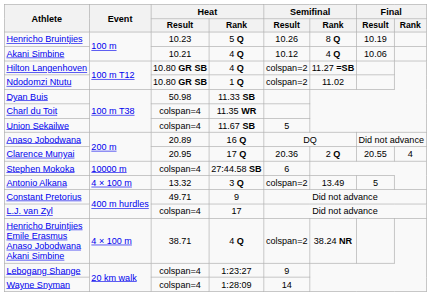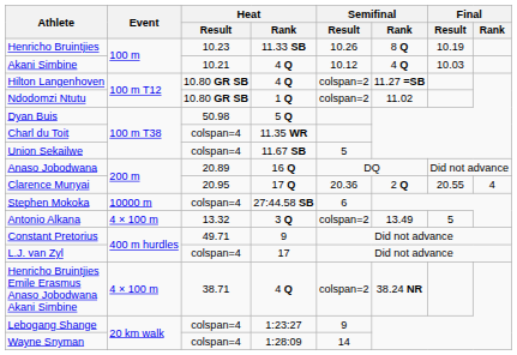 <table class="wikitable" style="font-size:90%">
 <tr>
 <th rowspan=2>Athlete</th>
 <th rowspan=2>Event</th>
 <th colspan=2>Heat</th>
 <th colspan=2>Semifinal</th>
 <th colspan=2>Final</th>
 </tr>
 <tr style="font-size:95%">
 <th>Result</th>
 <th>Rank</th>
 <th>Result</th>
 <th>Rank</th>
 <th>Result</th>
 <th>Rank</th>
 </tr>
 <tr align=center>
 <td align=left><a href='#'>Henricho Bruintjies</a></td>
 <td align=left rowspan=2><a href='#'>100 m</a></td>
 <td>10.23</td>
-<td>5 <strong>Q</strong></td>
+<td>11.33 <strong>SB</strong></td>
 <td>10.26</td>
 <td>8 <strong>Q</strong></td>
 <td>10.19</td>
 <td></td>
 </tr>
 <tr align=center>
 <td align=left><a href='#'>Akani Simbine</a></td>
 <td>10.21</td>
 <td>4 <strong>Q</strong></td>
 <td>10.12</td>
 <td>4 <strong>Q</strong></td>
-<td>10.06</td>
+<td>10.03</td>
 <td></td>
 </tr>
 <tr align=center>
 <td align=left><a href='#'>Hilton Langenhoven</a></td>
 <td align=left rowspan=2><a href='#'>100 m T12</a></td>
 <td>10.80 <strong>GR</strong> <strong>SB</strong></td>
 <td>4 <strong>Q</strong></td>
 <td>colspan=2</td>
 <td>11.27 <strong>=SB</strong></td>
 <td></td>
 </tr>
 <tr align=center>
 <td align=left><a href='#'>Ndodomzi Ntutu</a></td>
 <td>10.80 <strong>GR</strong> <strong>SB</strong></td>
 <td>1 <strong>Q</strong></td>
 <td>colspan=2</td>
 <td>11.02</td>
 <td></td>
 </tr>
 <tr align=center>
 <td align=left><a href='#'>Dyan Buis</a></td>
 <td align=left rowspan=3><a href='#'>100 m T38</a></td>
 <td>50.98</td>
-<td>11.33 <strong>SB</strong></td>
+<td>5 <strong>Q</strong></td>
 <td></td>
 </tr>
 <tr align=center>
 <td align=left><a href='#'>Charl du Toit</a></td>
 <td>colspan=4</td>
 <td>11.35 <strong>WR</strong></td>
 <td></td>
 </tr>
 <tr align=center>
 <td align=left><a href='#'>Union Sekailwe</a></td>
 <td>colspan=4</td>
 <td>11.67 <strong>SB</strong></td>
 <td>5</td>
 </tr>
 <tr align=center>
 <td align=left><a href='#'>Anaso Jobodwana</a></td>
 <td align=left rowspan=2><a href='#'>200 m</a></td>
 <td>20.89</td>
 <td>16 <strong>Q</strong></td>
 <td colspan=2>DQ</td>
 <td colspan=2>Did not advance</td>
 </tr>
 <tr align=center>
 <td align=left><a href='#'>Clarence Munyai</a></td>
 <td>20.95</td>
 <td>17 <strong>Q</strong></td>
 <td>20.36</td>
 <td>2 <strong>Q</strong></td>
 <td>20.55</td>
 <td>4</td>
 </tr>
 <tr align=center>
 <td align=left><a href='#'>Stephen Mokoka</a></td>
 <td align=left><a href='#'>10000 m</a></td>
 <td>colspan=4</td>
 <td>27:44.58 <strong>SB</strong></td>
 <td>6</td>
 </tr>
 <tr align=center>
 <td align=left><a href='#'>Antonio Alkana</a></td>
 <td align=left><a href='#'>4 × 100 m</a></td>
 <td>13.32</td>
 <td>3 <strong>Q</strong></td>
 <td>colspan=2</td>
 <td>13.49</td>
 <td>5</td>
 </tr>
 <tr align=center>
 <td align=left><a href='#'>Constant Pretorius</a></td>
 <td align=left rowspan=2><a href='#'>400 m hurdles</a></td>
 <td>49.71</td>
 <td>9</td>
 <td colspan=4>Did not advance</td>
 </tr>
 <tr align=center>
 <td align=left><a href='#'>L.J. van Zyl</a></td>
 <td>colspan=4</td>
 <td>17</td>
 <td colspan=4>Did not advance</td>
 </tr>
 <tr align=center>
 <td align=left><a href='#'>Henricho Bruintjies</a><br><a href='#'>Emile Erasmus</a><br><a href='#'>Anaso Jobodwana</a><br><a href='#'>Akani Simbine</a></td>
 <td align=left><a href='#'>4 × 100 m</a></td>
 <td>38.71</td>
 <td>4 <strong>Q</strong></td>
 <td>colspan=2</td>
 <td>38.24 <strong>NR</strong></td>
 <td></td>
 </tr>
 <tr align=center>
 <td align=left><a href='#'>Lebogang Shange</a></td>
 <td align=left rowspan=2><a href='#'>20 km walk</a></td>
 <td>colspan=4</td>
 <td>1:23:27</td>
 <td>9</td>
 </tr>
 <tr align=center>
 <td align=left><a href='#'>Wayne Snyman</a></td>
 <td>colspan=4</td>
 <td>1:28:09</td>
 <td>14</td>
 </tr>
 </table>
